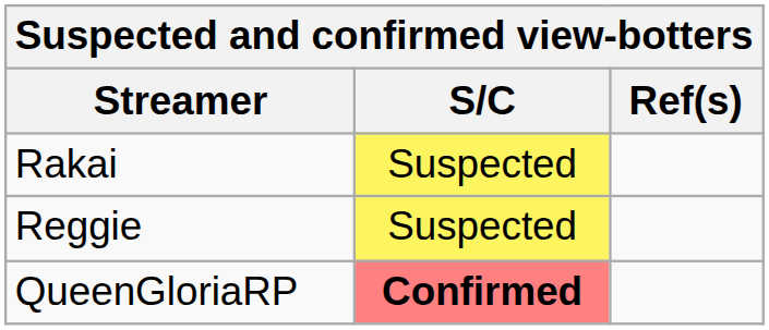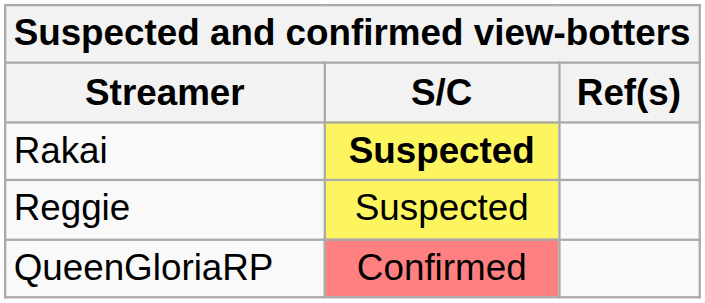 <table class=wikitable>
 <tr>
 <th colspan="8">Suspected and confirmed view-botters</th>
 </tr>
 <tr>
 <th scope="col">Streamer</th>
 <th scope="col">S/C</th>
 <th scope="col">Ref(s)</th>
 </tr>
 <tr>
 <td>Rakai</td>
-<td style="text-align:center; background:#FCF55F;">Suspected</td>
+<td style="text-align:center; background:#FCF55F;"><strong>Suspected</strong></td>
 <td style="text-align:center;"></td>
 </tr>
 <tr>
 <td>Reggie</td>
 <td style="text-align:center; background:#FCF55F;">Suspected</td>
 <td style="text-align:center;"></td>
 </tr>
 <tr>
 <td>QueenGloriaRP</td>
-<td style="text-align:center; background:#FF8080;"><strong>Confirmed</strong></td>
+<td style="text-align:center; background:#FF8080;">Confirmed</td>
 <td style="text-align:center;"></td>
 </tr>
 </table>
